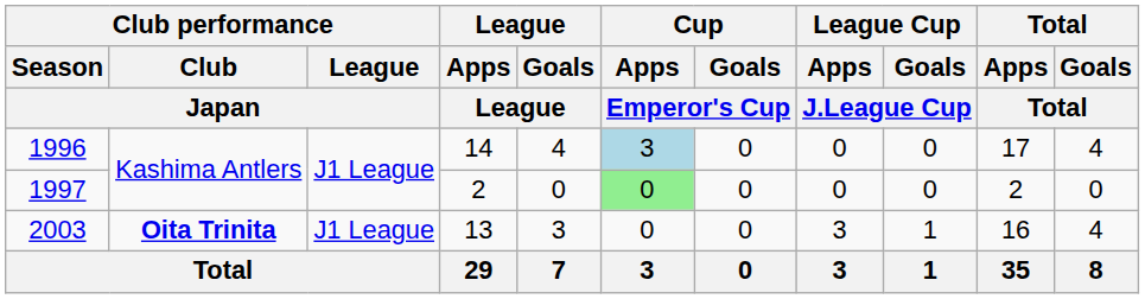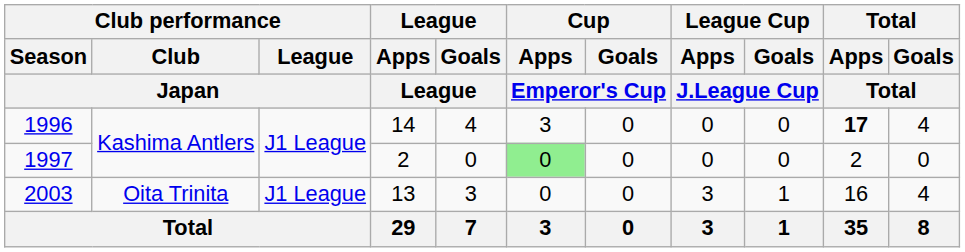 <table class="wikitable" style="text-align:center;">
 <tr>
 <th colspan=3>Club performance</th>
 <th colspan=2>League</th>
 <th colspan=2>Cup</th>
 <th colspan=2>League Cup</th>
 <th colspan=2>Total</th>
 </tr>
 <tr>
 <th>Season</th>
 <th>Club</th>
 <th>League</th>
 <th>Apps</th>
 <th>Goals</th>
 <th>Apps</th>
 <th>Goals</th>
 <th>Apps</th>
 <th>Goals</th>
 <th>Apps</th>
 <th>Goals</th>
 </tr>
 <tr>
 <th colspan=3>Japan</th>
 <th colspan=2>League</th>
 <th colspan=2><a href='#'>Emperor's Cup</a></th>
 <th colspan=2><a href='#'>J.League Cup</a></th>
 <th colspan=2>Total</th>
 </tr>
 <tr>
 <td><a href='#'>1996</a></td>
 <td rowspan="2"><a href='#'>Kashima Antlers</a></td>
 <td rowspan="2"><a href='#'>J1 League</a></td>
 <td>14</td>
 <td>4</td>
-<td style="background: lightblue;">3</td>
+<td>3</td>
 <td>0</td>
 <td>0</td>
 <td>0</td>
-<td>17</td>
+<td><strong>17</strong></td>
 <td>4</td>
 </tr>
 <tr>
 <td><a href='#'>1997</a></td>
 <td>2</td>
 <td>0</td>
 <td style="background: lightgreen;">0</td>
 <td>0</td>
 <td>0</td>
 <td>0</td>
 <td>2</td>
 <td>0</td>
 </tr>
 <tr>
 <td><a href='#'>2003</a></td>
-<td><strong><a href='#'>Oita Trinita</a></strong></td>
+<td><a href='#'>Oita Trinita</a></td>
 <td><a href='#'>J1 League</a></td>
 <td>13</td>
 <td>3</td>
 <td>0</td>
 <td>0</td>
 <td>3</td>
 <td>1</td>
 <td>16</td>
 <td>4</td>
 </tr>
 <tr>
 <th colspan=3>Total</th>
 <th>29</th>
 <th>7</th>
 <th>3</th>
 <th>0</th>
 <th>3</th>
 <th>1</th>
 <th>35</th>
 <th>8</th>
 </tr>
 </table>
